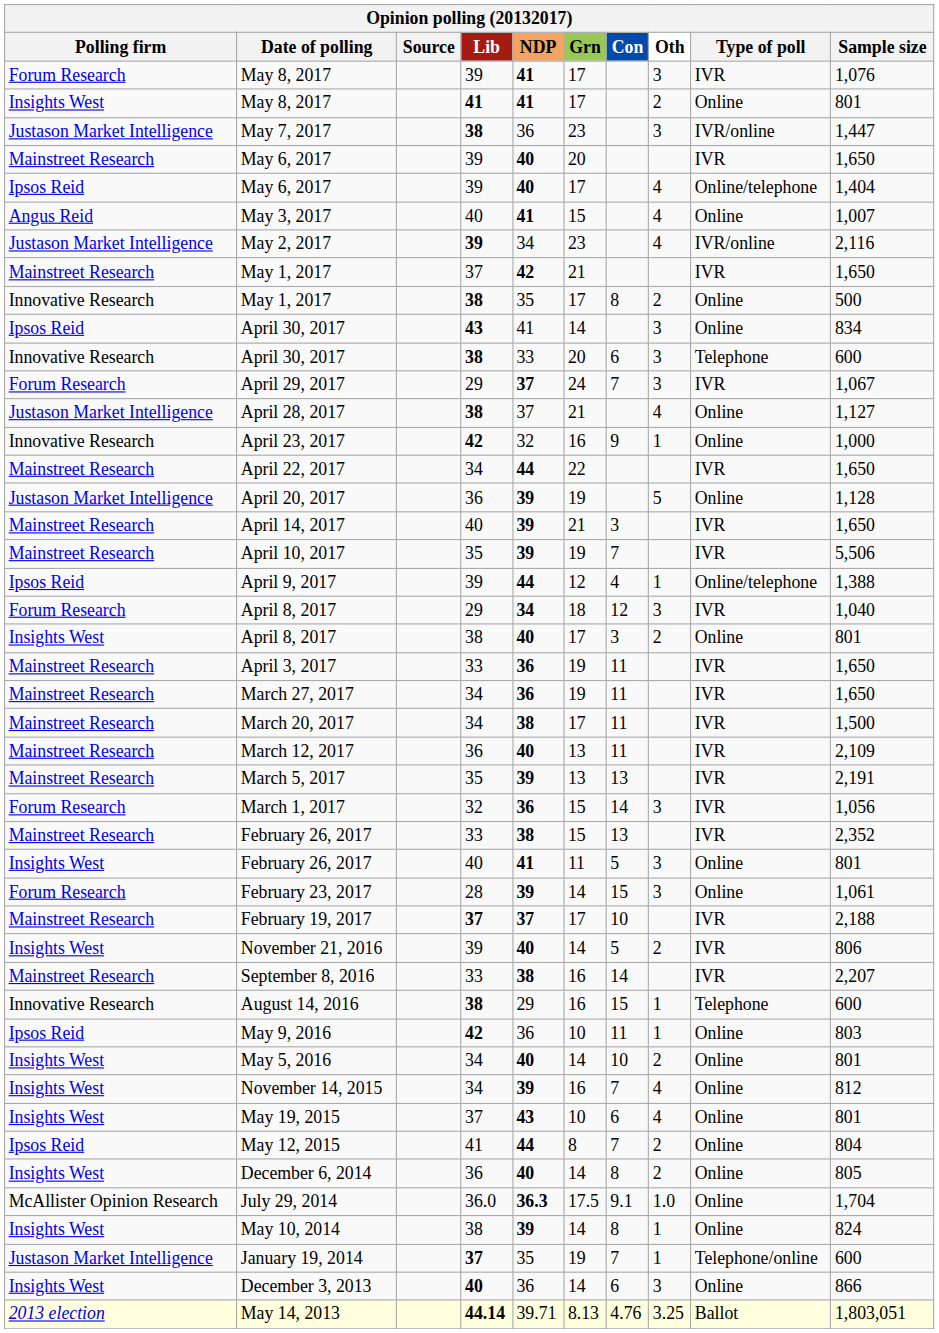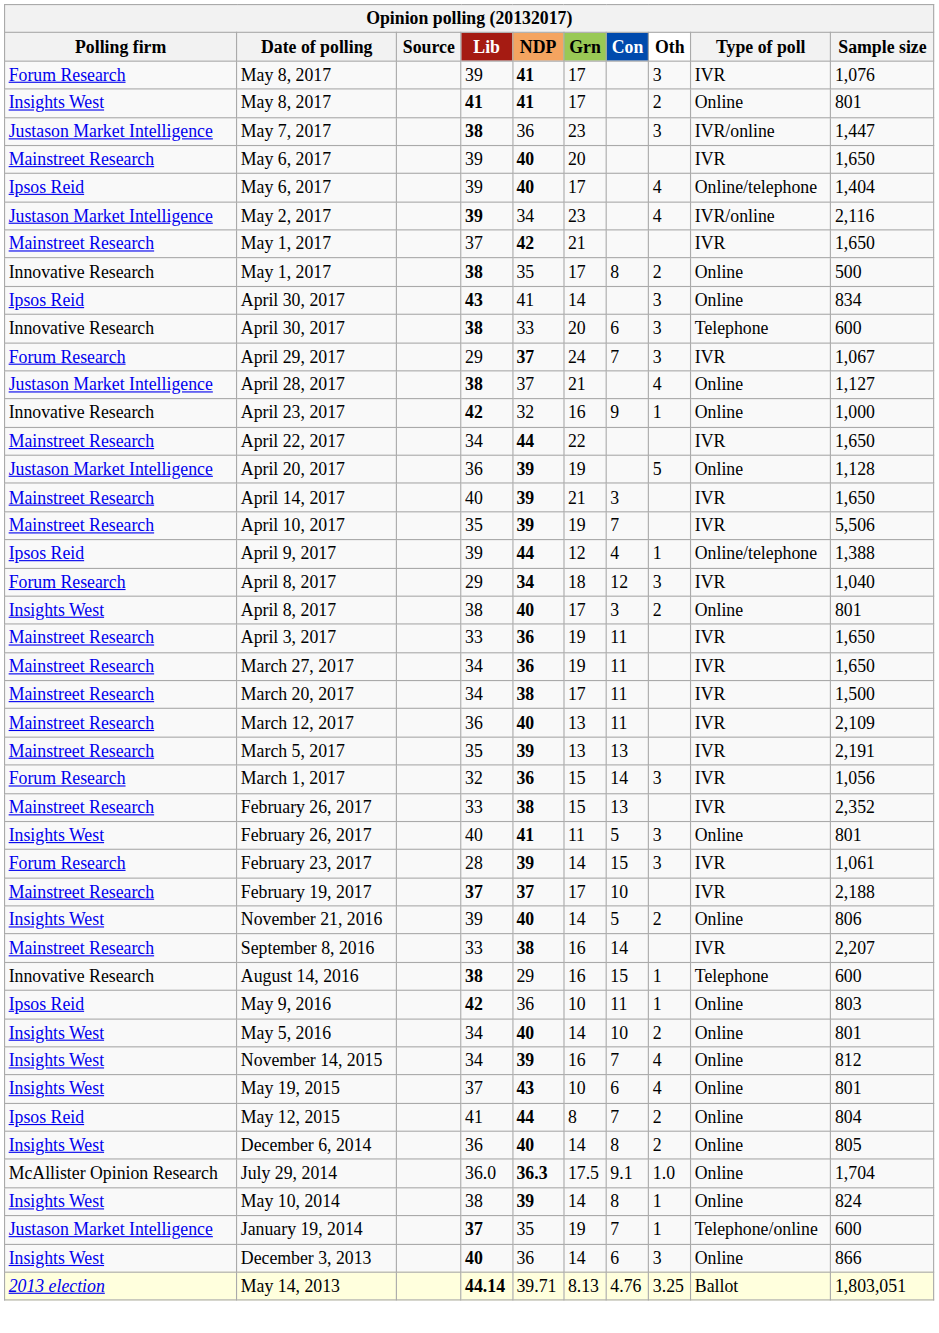 <table class="wikitable collapsible">
 <tr style="background-color:#E9E9E9">
 <th width=830px, colspan="10">Opinion polling (20132017)</th>
 </tr>
 <tr style="background-color:#E9E9E9">
 <th>Polling firm</th>
 <th>Date of polling</th>
 <th>Source</th>
 <th style="background: #A51B12; color: white">Lib</th>
 <th style="background: #F4A460;">NDP</th>
 <th style="background: #99C955;">Grn</th>
 <th style="background: #004AAD; color: white">Con</th>
 <th style="background: #FFFFFF;">Oth</th>
 <th>Type of poll</th>
 <th>Sample size</th>
 </tr>
 <tr>
 <td><a href='#'>Forum Research</a></td>
 <td>May 8, 2017</td>
 <td></td>
 <td>39</td>
 <td style="background-color:"><strong>41</strong></td>
 <td>17</td>
 <td></td>
 <td>3</td>
 <td>IVR</td>
 <td>1,076</td>
 </tr>
 <tr>
 <td><a href='#'>Insights West</a></td>
 <td>May 8, 2017</td>
 <td></td>
 <td style="background-color:"><strong>41</strong></td>
 <td style="background-color:"><strong>41</strong></td>
 <td>17</td>
 <td></td>
 <td>2</td>
 <td>Online</td>
 <td>801</td>
 </tr>
 <tr>
 <td><a href='#'>Justason Market Intelligence</a></td>
 <td>May 7, 2017</td>
 <td></td>
 <td style="background-color:"><strong>38</strong></td>
 <td>36</td>
 <td>23</td>
 <td></td>
 <td>3</td>
 <td>IVR/online</td>
 <td>1,447</td>
 </tr>
 <tr>
 <td><a href='#'>Mainstreet Research</a></td>
 <td>May 6, 2017</td>
 <td></td>
 <td>39</td>
 <td style="background-color:"><strong>40</strong></td>
 <td>20</td>
 <td></td>
 <td></td>
 <td>IVR</td>
 <td>1,650</td>
 </tr>
 <tr>
 <td><a href='#'>Ipsos Reid</a></td>
 <td>May 6, 2017</td>
 <td></td>
 <td>39</td>
 <td style="background-color:"><strong>40</strong></td>
 <td>17</td>
 <td></td>
 <td>4</td>
 <td>Online/telephone</td>
 <td>1,404</td>
-</tr>
-<tr>
-<td><a href='#'>Angus Reid</a></td>
-<td>May 3, 2017</td>
-<td></td>
-<td>40</td>
-<td style="background-color:"><strong>41</strong></td>
-<td>15</td>
-<td></td>
-<td>4</td>
-<td>Online</td>
-<td>1,007</td>
 </tr>
 <tr>
 <td><a href='#'>Justason Market Intelligence</a></td>
 <td>May 2, 2017</td>
 <td></td>
 <td style="background-color:"><strong>39</strong></td>
 <td>34</td>
 <td>23</td>
 <td></td>
 <td>4</td>
 <td>IVR/online</td>
 <td>2,116</td>
 </tr>
 <tr>
 <td><a href='#'>Mainstreet Research</a></td>
 <td>May 1, 2017</td>
 <td></td>
 <td>37</td>
 <td style="background-color:"><strong>42</strong></td>
 <td>21</td>
 <td></td>
 <td></td>
 <td>IVR</td>
 <td>1,650</td>
 </tr>
 <tr>
 <td>Innovative Research</td>
 <td>May 1, 2017</td>
 <td></td>
 <td style="background-color:"><strong>38</strong></td>
 <td>35</td>
 <td>17</td>
 <td>8</td>
 <td>2</td>
 <td>Online</td>
 <td>500</td>
 </tr>
 <tr>
 <td><a href='#'>Ipsos Reid</a></td>
 <td>April 30, 2017</td>
 <td></td>
 <td style="background-color:"><strong>43</strong></td>
 <td>41</td>
 <td>14</td>
 <td></td>
 <td>3</td>
 <td>Online</td>
 <td>834</td>
 </tr>
 <tr>
 <td>Innovative Research</td>
 <td>April 30, 2017</td>
 <td></td>
 <td style="background-color:"><strong>38</strong></td>
 <td>33</td>
 <td>20</td>
 <td>6</td>
 <td>3</td>
 <td>Telephone</td>
 <td>600</td>
 </tr>
 <tr>
 <td><a href='#'>Forum Research</a></td>
 <td>April 29, 2017</td>
 <td></td>
 <td>29</td>
 <td style="background-color:"><strong>37</strong></td>
 <td>24</td>
 <td>7</td>
 <td>3</td>
 <td>IVR</td>
 <td>1,067</td>
 </tr>
 <tr>
 <td><a href='#'>Justason Market Intelligence</a></td>
 <td>April 28, 2017</td>
 <td></td>
 <td style="background-color:"><strong>38</strong></td>
 <td>37</td>
 <td>21</td>
 <td></td>
 <td>4</td>
 <td>Online</td>
 <td>1,127</td>
 </tr>
 <tr>
 <td>Innovative Research</td>
 <td>April 23, 2017</td>
 <td></td>
 <td style="background-color:"><strong>42</strong></td>
 <td>32</td>
 <td>16</td>
 <td>9</td>
 <td>1</td>
 <td>Online</td>
 <td>1,000</td>
 </tr>
 <tr>
 <td><a href='#'>Mainstreet Research</a></td>
 <td>April 22, 2017</td>
 <td></td>
 <td>34</td>
 <td style="background-color:"><strong>44</strong></td>
 <td>22</td>
 <td></td>
 <td></td>
 <td>IVR</td>
 <td>1,650</td>
 </tr>
 <tr>
 <td><a href='#'>Justason Market Intelligence</a></td>
 <td>April 20, 2017</td>
 <td></td>
 <td>36</td>
 <td style="background-color:"><strong>39</strong></td>
 <td>19</td>
 <td></td>
 <td>5</td>
 <td>Online</td>
 <td>1,128</td>
 </tr>
 <tr>
 <td><a href='#'>Mainstreet Research</a></td>
 <td>April 14, 2017</td>
 <td></td>
 <td>40</td>
 <td style="background-color:"><strong>39</strong></td>
 <td>21</td>
 <td>3</td>
 <td></td>
 <td>IVR</td>
 <td>1,650</td>
 </tr>
 <tr>
 <td><a href='#'>Mainstreet Research</a></td>
 <td>April 10, 2017</td>
 <td></td>
 <td>35</td>
 <td style="background-color:"><strong>39</strong></td>
 <td>19</td>
 <td>7</td>
 <td></td>
 <td>IVR</td>
 <td>5,506</td>
 </tr>
 <tr>
 <td><a href='#'>Ipsos Reid</a></td>
 <td>April 9, 2017</td>
 <td></td>
 <td>39</td>
 <td style="background-color:"><strong>44</strong></td>
 <td>12</td>
 <td>4</td>
 <td>1</td>
 <td>Online/telephone</td>
 <td>1,388</td>
 </tr>
 <tr>
 <td><a href='#'>Forum Research</a></td>
 <td>April 8, 2017</td>
 <td></td>
 <td>29</td>
 <td style="background-color:"><strong>34</strong></td>
 <td>18</td>
 <td>12</td>
 <td>3</td>
 <td>IVR</td>
 <td>1,040</td>
 </tr>
 <tr>
 <td><a href='#'>Insights West</a></td>
 <td>April 8, 2017</td>
 <td></td>
 <td>38</td>
 <td style="background-color:"><strong>40</strong></td>
 <td>17</td>
 <td>3</td>
 <td>2</td>
 <td>Online</td>
 <td>801</td>
 </tr>
 <tr>
 <td><a href='#'>Mainstreet Research</a></td>
 <td>April 3, 2017</td>
 <td></td>
 <td>33</td>
 <td style="background-color:"><strong>36</strong></td>
 <td>19</td>
 <td>11</td>
 <td></td>
 <td>IVR</td>
 <td>1,650</td>
 </tr>
 <tr>
 <td><a href='#'>Mainstreet Research</a></td>
 <td>March 27, 2017</td>
 <td></td>
 <td>34</td>
 <td style="background-color:"><strong>36</strong></td>
 <td>19</td>
 <td>11</td>
 <td></td>
 <td>IVR</td>
 <td>1,650</td>
 </tr>
 <tr>
 <td><a href='#'>Mainstreet Research</a></td>
 <td>March 20, 2017</td>
 <td></td>
 <td>34</td>
 <td style="background-color:"><strong>38</strong></td>
 <td>17</td>
 <td>11</td>
 <td></td>
 <td>IVR</td>
 <td>1,500</td>
 </tr>
 <tr>
 <td><a href='#'>Mainstreet Research</a></td>
 <td>March 12, 2017</td>
 <td></td>
 <td>36</td>
 <td style="background-color:"><strong>40</strong></td>
 <td>13</td>
 <td>11</td>
 <td></td>
 <td>IVR</td>
 <td>2,109</td>
 </tr>
 <tr>
 <td><a href='#'>Mainstreet Research</a></td>
 <td>March 5, 2017</td>
 <td></td>
 <td>35</td>
 <td style="background-color:"><strong>39</strong></td>
 <td>13</td>
 <td>13</td>
 <td></td>
 <td>IVR</td>
 <td>2,191</td>
 </tr>
 <tr>
 <td><a href='#'>Forum Research</a></td>
 <td>March 1, 2017</td>
 <td></td>
 <td>32</td>
 <td style="background-color:"><strong>36</strong></td>
 <td>15</td>
 <td>14</td>
 <td>3</td>
 <td>IVR</td>
 <td>1,056</td>
 </tr>
 <tr>
 <td><a href='#'>Mainstreet Research</a></td>
 <td>February 26, 2017</td>
 <td></td>
 <td>33</td>
 <td style="background-color:"><strong>38</strong></td>
 <td>15</td>
 <td>13</td>
 <td></td>
 <td>IVR</td>
 <td>2,352</td>
 </tr>
 <tr>
 <td><a href='#'>Insights West</a></td>
 <td>February 26, 2017</td>
 <td></td>
 <td>40</td>
 <td style="background-color:"><strong>41</strong></td>
 <td>11</td>
 <td>5</td>
 <td>3</td>
 <td>Online</td>
 <td>801</td>
 </tr>
 <tr>
 <td><a href='#'>Forum Research</a></td>
 <td>February 23, 2017</td>
 <td></td>
 <td>28</td>
 <td style="background-color:"><strong>39</strong></td>
 <td>14</td>
 <td>15</td>
 <td>3</td>
-<td>Online</td>
+<td>IVR</td>
 <td>1,061</td>
 </tr>
 <tr>
 <td><a href='#'>Mainstreet Research</a></td>
 <td>February 19, 2017</td>
 <td></td>
 <td style="background-color:"><strong>37</strong></td>
 <td style="background-color:"><strong>37</strong></td>
 <td>17</td>
 <td>10</td>
 <td></td>
 <td>IVR</td>
 <td>2,188</td>
 </tr>
 <tr>
 <td><a href='#'>Insights West</a></td>
 <td>November 21, 2016</td>
 <td></td>
 <td>39</td>
 <td style="background-color:"><strong>40</strong></td>
 <td>14</td>
 <td>5</td>
 <td>2</td>
-<td>IVR</td>
+<td>Online</td>
 <td>806</td>
 </tr>
 <tr>
 <td><a href='#'>Mainstreet Research</a></td>
 <td>September 8, 2016</td>
 <td></td>
 <td>33</td>
 <td style="background-color:"><strong>38</strong></td>
 <td>16</td>
 <td>14</td>
 <td></td>
 <td>IVR</td>
 <td>2,207</td>
 </tr>
 <tr>
 <td>Innovative Research</td>
 <td>August 14, 2016</td>
 <td></td>
 <td style="background-color:"><strong>38</strong></td>
 <td>29</td>
 <td>16</td>
 <td>15</td>
 <td>1</td>
 <td>Telephone</td>
 <td>600</td>
 </tr>
 <tr>
 <td><a href='#'>Ipsos Reid</a></td>
 <td>May 9, 2016</td>
 <td></td>
 <td style="background-color:"><strong>42</strong></td>
 <td>36</td>
 <td>10</td>
 <td>11</td>
 <td>1</td>
 <td>Online</td>
 <td>803</td>
 </tr>
 <tr>
 <td><a href='#'>Insights West</a></td>
 <td>May 5, 2016</td>
 <td></td>
 <td>34</td>
 <td style="background-color:"><strong>40</strong></td>
 <td>14</td>
 <td>10</td>
 <td>2</td>
 <td>Online</td>
 <td>801</td>
 </tr>
 <tr>
 <td><a href='#'>Insights West</a></td>
 <td>November 14, 2015</td>
 <td></td>
 <td>34</td>
 <td style="background-color:"><strong>39</strong></td>
 <td>16</td>
 <td>7</td>
 <td>4</td>
 <td>Online</td>
 <td>812</td>
 </tr>
 <tr>
 <td><a href='#'>Insights West</a></td>
 <td>May 19, 2015</td>
 <td></td>
 <td>37</td>
 <td style="background-color:"><strong>43</strong></td>
 <td>10</td>
 <td>6</td>
 <td>4</td>
 <td>Online</td>
 <td>801</td>
 </tr>
 <tr>
 <td><a href='#'>Ipsos Reid</a></td>
 <td>May 12, 2015</td>
 <td></td>
 <td>41</td>
 <td style="background-color:"><strong>44</strong></td>
 <td>8</td>
 <td>7</td>
 <td>2</td>
 <td>Online</td>
 <td>804</td>
 </tr>
 <tr>
 <td><a href='#'>Insights West</a></td>
 <td>December 6, 2014</td>
 <td></td>
 <td>36</td>
 <td style="background-color:"><strong>40</strong></td>
 <td>14</td>
 <td>8</td>
 <td>2</td>
 <td>Online</td>
 <td>805</td>
 </tr>
 <tr>
 <td>McAllister Opinion Research</td>
 <td>July 29, 2014</td>
 <td></td>
 <td>36.0</td>
 <td style="background-color:"><strong>36.3</strong></td>
 <td>17.5</td>
 <td>9.1</td>
 <td>1.0</td>
 <td>Online</td>
 <td>1,704</td>
 </tr>
 <tr>
 <td><a href='#'>Insights West</a></td>
 <td>May 10, 2014</td>
 <td></td>
 <td>38</td>
 <td style="background-color:"><strong>39</strong></td>
 <td>14</td>
 <td>8</td>
 <td>1</td>
 <td>Online</td>
 <td>824</td>
 </tr>
 <tr>
 <td><a href='#'>Justason Market Intelligence</a></td>
 <td>January 19, 2014</td>
 <td></td>
 <td style="background-color:"><strong>37</strong></td>
 <td>35</td>
 <td>19</td>
 <td>7</td>
 <td>1</td>
 <td>Telephone/online</td>
 <td>600</td>
 </tr>
 <tr>
 <td><a href='#'>Insights West</a></td>
 <td>December 3, 2013</td>
 <td></td>
 <td style="background-color:"><strong>40</strong></td>
 <td>36</td>
 <td>14</td>
 <td>6</td>
 <td>3</td>
 <td>Online</td>
 <td>866</td>
 </tr>
 <tr>
 <td style="background:#ffd;"><em><a href='#'>2013 election</a></em></td>
 <td style="background:#ffd;">May 14, 2013</td>
 <td style="background:#ffd;"></td>
 <td style="background:#ffd;"><strong>44.14</strong></td>
 <td style="background:#ffd;">39.71</td>
 <td style="background:#ffd;">8.13</td>
 <td style="background:#ffd;">4.76</td>
 <td style="background:#ffd;">3.25</td>
 <td style="background:#ffd;">Ballot</td>
 <td style="background:#ffd;">1,803,051</td>
 </tr>
 </table>
